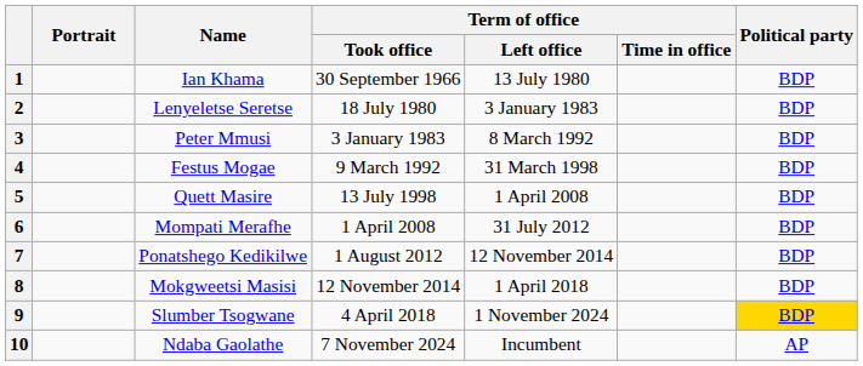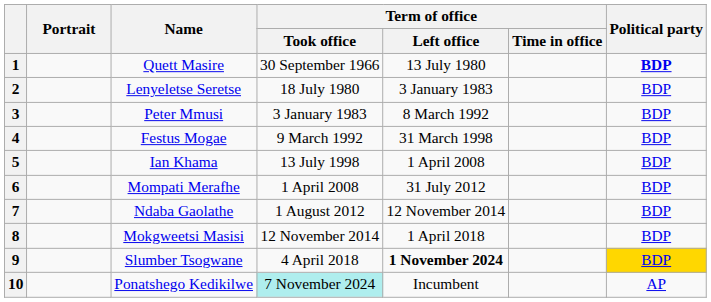 <table class="wikitable" style="text-align:center">
 <tr>
 <th rowspan="2"></th>
 <th rowspan="2" style="width:80px;">Portrait</th>
 <th rowspan="2">Name<br></th>
 <th colspan="3">Term of office</th>
 <th rowspan="2">Political party</th>
 </tr>
 <tr>
 <th>Took office</th>
 <th>Left office</th>
 <th>Time in office</th>
 </tr>
 <tr>
 <th style="background:">1</th>
 <td></td>
-<td><a href='#'>Ian Khama</a><br></td>
+<td><a href='#'>Quett Masire</a><br></td>
 <td>30 September 1966</td>
 <td>13 July 1980</td>
 <td></td>
-<td><a href='#'>BDP</a></td>
+<td><strong><a href='#'>BDP</a></strong></td>
 </tr>
 <tr>
 <th style="background:">2</th>
 <td></td>
 <td><a href='#'>Lenyeletse Seretse</a><br></td>
 <td>18 July 1980</td>
 <td>3 January 1983</td>
 <td></td>
 <td><a href='#'>BDP</a></td>
 </tr>
 <tr>
 <th style="background:">3</th>
 <td></td>
 <td><a href='#'>Peter Mmusi</a><br></td>
 <td>3 January 1983</td>
 <td>8 March 1992</td>
 <td></td>
 <td><a href='#'>BDP</a></td>
 </tr>
 <tr>
 <th style="background:">4</th>
 <td></td>
 <td><a href='#'>Festus Mogae</a><br></td>
 <td>9 March 1992</td>
 <td>31 March 1998</td>
 <td></td>
 <td><a href='#'>BDP</a></td>
 </tr>
 <tr>
 <th style="background:">5</th>
 <td></td>
-<td><a href='#'>Quett Masire</a><br></td>
+<td><a href='#'>Ian Khama</a><br></td>
 <td>13 July 1998</td>
 <td>1 April 2008</td>
 <td></td>
 <td><a href='#'>BDP</a></td>
 </tr>
 <tr>
 <th style="background:">6</th>
 <td></td>
 <td><a href='#'>Mompati Merafhe</a><br></td>
 <td>1 April 2008</td>
 <td>31 July 2012</td>
 <td></td>
 <td><a href='#'>BDP</a></td>
 </tr>
 <tr>
 <th style="background:">7</th>
 <td></td>
-<td><a href='#'>Ponatshego Kedikilwe</a><br></td>
+<td><a href='#'>Ndaba Gaolathe</a><br></td>
 <td>1 August 2012</td>
 <td>12 November 2014</td>
 <td></td>
 <td><a href='#'>BDP</a></td>
 </tr>
 <tr>
 <th style="background:">8</th>
 <td></td>
 <td><a href='#'>Mokgweetsi Masisi</a><br></td>
 <td>12 November 2014</td>
 <td>1 April 2018</td>
 <td></td>
 <td><a href='#'>BDP</a></td>
 </tr>
 <tr>
 <th style="background:">9</th>
 <td></td>
 <td><a href='#'>Slumber Tsogwane</a><br></td>
 <td>4 April 2018</td>
-<td>1 November 2024</td>
+<td><strong>1 November 2024</strong></td>
 <td></td>
 <td style="background: gold;"><a href='#'>BDP</a></td>
 </tr>
 <tr>
 <th style="background:">10</th>
 <td></td>
-<td><a href='#'>Ndaba Gaolathe</a><br></td>
-<td>7 November 2024</td>
+<td><a href='#'>Ponatshego Kedikilwe</a><br></td>
+<td style="background: paleturquoise;">7 November 2024</td>
 <td>Incumbent</td>
 <td></td>
 <td><a href='#'>AP</a><br></td>
 </tr>
 </table>
